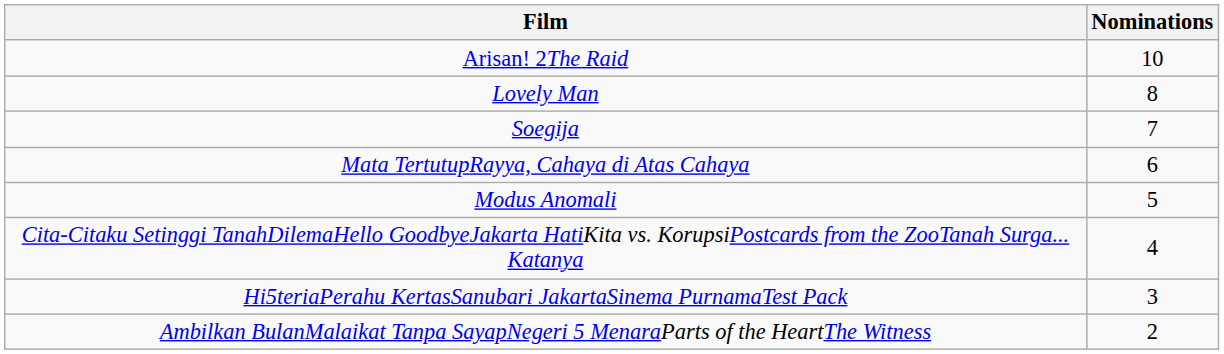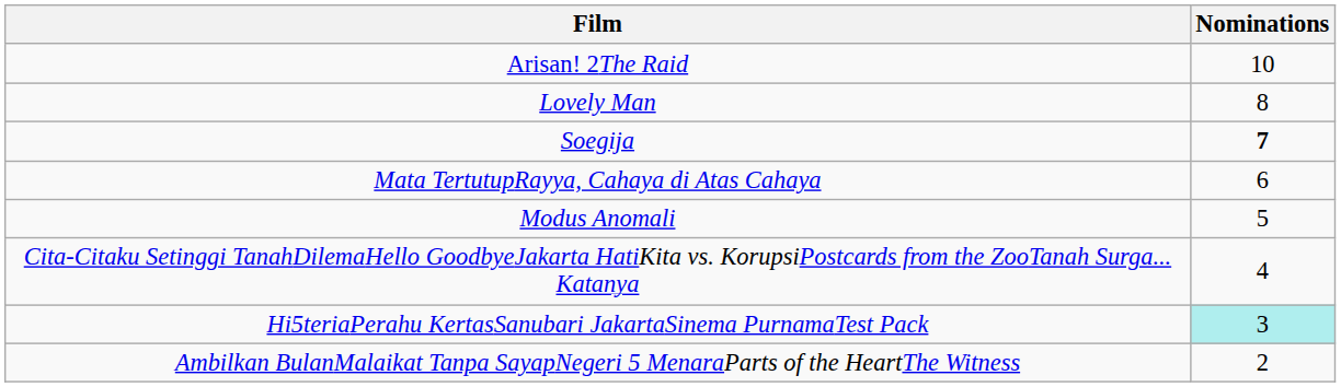 <table style="text-align: center" class="wikitable sortable">
 <tr>
 <th>Film</th>
 <th>Nominations</th>
 </tr>
 <tr>
 <td><em><a href='#'></em>Arisan! 2<em></a></em><em><a href='#'>The Raid</a></em></td>
 <td>10</td>
 </tr>
 <tr>
 <td><em><a href='#'>Lovely Man</a></em></td>
 <td>8</td>
 </tr>
 <tr>
 <td><em><a href='#'>Soegija</a></em></td>
-<td>7</td>
+<td><strong>7</strong></td>
 </tr>
 <tr>
 <td><em><a href='#'>Mata Tertutup</a></em><em><a href='#'>Rayya, Cahaya di Atas Cahaya</a></em></td>
 <td>6</td>
 </tr>
 <tr>
 <td><em><a href='#'>Modus Anomali</a></em></td>
 <td>5</td>
 </tr>
 <tr>
 <td><em><a href='#'>Cita-Citaku Setinggi Tanah</a></em><em><a href='#'>Dilema</a></em><em><a href='#'>Hello Goodbye</a></em><em><a href='#'>Jakarta Hati</a></em><em>Kita vs. Korupsi</em><em><a href='#'>Postcards from the Zoo</a></em><em><a href='#'>Tanah Surga... Katanya</a></em></td>
 <td>4</td>
 </tr>
 <tr>
 <td><em><a href='#'>Hi5teria</a></em><em><a href='#'>Perahu Kertas</a></em><em><a href='#'>Sanubari Jakarta</a></em><em><a href='#'>Sinema Purnama</a></em><em><a href='#'>Test Pack</a></em></td>
-<td>3</td>
+<td style="background: paleturquoise;">3</td>
 </tr>
 <tr>
 <td><em><a href='#'>Ambilkan Bulan</a></em><em></em><em><a href='#'>Malaikat Tanpa Sayap</a></em><em><a href='#'>Negeri 5 Menara</a></em><em>Parts of the Heart</em><em><a href='#'>The Witness</a></em></td>
 <td>2</td>
 </tr>
 </table>
